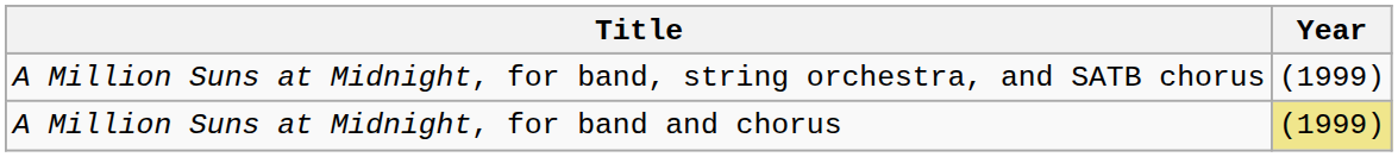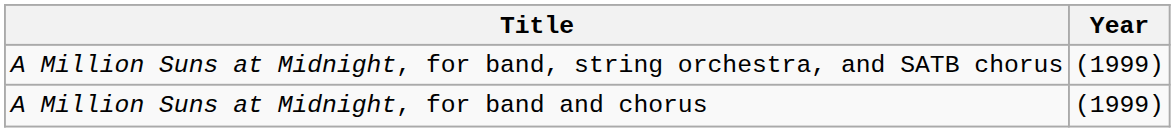 <table class="wikitable">
 <tr>
 <th>Title</th>
 <th>Year</th>
 </tr>
 <tr>
 <td><em>A Million Suns at Midnight</em>, for band, string orchestra, and SATB chorus</td>
 <td>(1999)</td>
 </tr>
 <tr>
 <td><em>A Million Suns at Midnight</em>, for band and chorus</td>
-<td style="background: khaki;">(1999)</td>
+<td>(1999)</td>
 </tr>
 </table>
